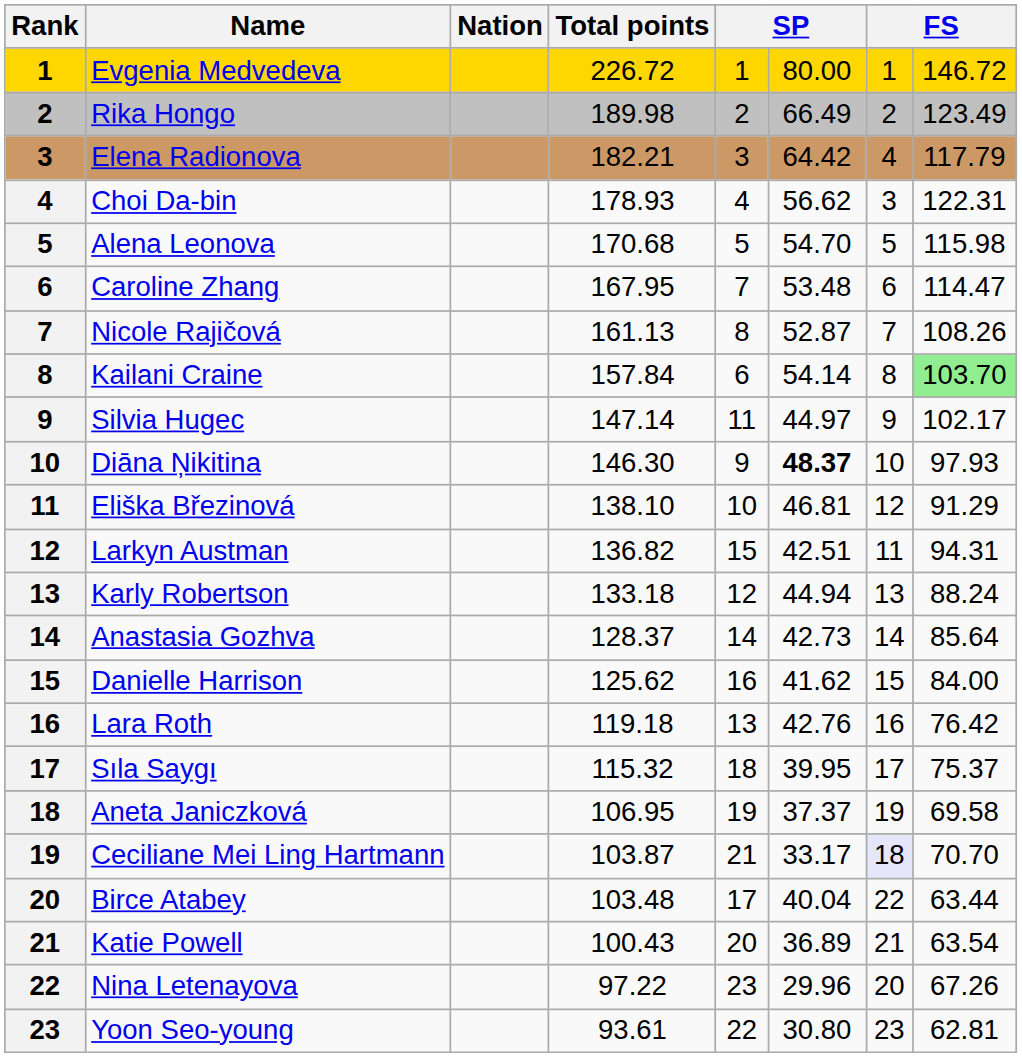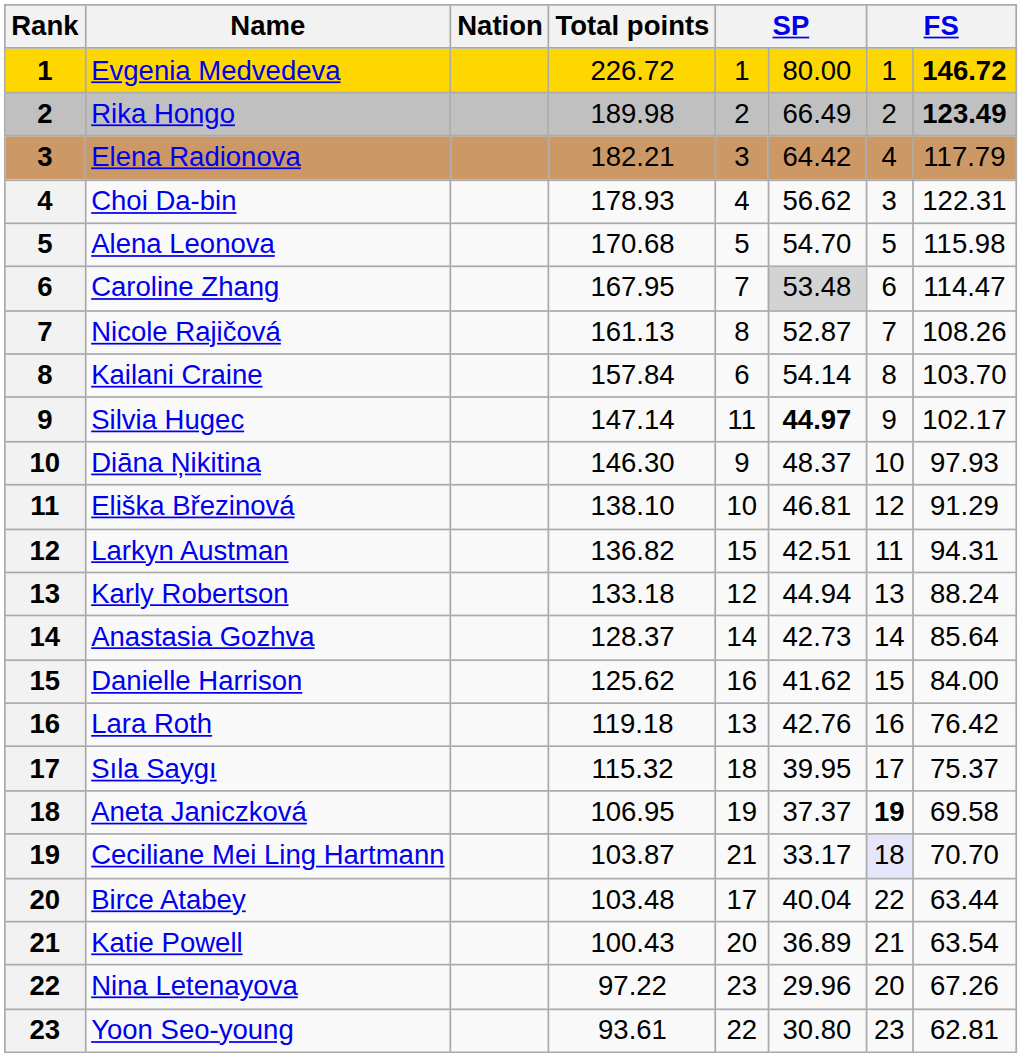 <table class="wikitable sortable">
 <tr>
 <th>Rank</th>
 <th>Name</th>
 <th>Nation</th>
 <th>Total points</th>
 <th colspan="2" width="80px"><a href='#'>SP</a></th>
 <th colspan="2" width="80px"><a href='#'>FS</a></th>
 </tr>
 <tr bgcolor="gold">
 <td align="center"><strong>1</strong></td>
 <td><a href='#'>Evgenia Medvedeva</a></td>
 <td></td>
 <td align="center">226.72</td>
 <td align="center">1</td>
 <td align="center">80.00</td>
 <td align="center">1</td>
-<td align="center">146.72</td>
+<td align="center"><strong>146.72</strong></td>
 </tr>
 <tr bgcolor="silver">
 <td align="center"><strong>2</strong></td>
 <td><a href='#'>Rika Hongo</a></td>
 <td></td>
 <td align="center">189.98</td>
 <td align="center">2</td>
 <td align="center">66.49</td>
 <td align="center">2</td>
-<td align="center">123.49</td>
+<td align="center"><strong>123.49</strong></td>
 </tr>
 <tr bgcolor="cc9966">
 <td align="center"><strong>3</strong></td>
 <td><a href='#'>Elena Radionova</a></td>
 <td></td>
 <td align="center">182.21</td>
 <td align="center">3</td>
 <td align="center">64.42</td>
 <td align="center">4</td>
 <td align="center">117.79</td>
 </tr>
 <tr>
 <th>4</th>
 <td><a href='#'>Choi Da-bin</a></td>
 <td></td>
 <td align="center">178.93</td>
 <td align="center">4</td>
 <td align="center">56.62</td>
 <td align="center">3</td>
 <td align="center">122.31</td>
 </tr>
 <tr>
 <th>5</th>
 <td><a href='#'>Alena Leonova</a></td>
 <td></td>
 <td align="center">170.68</td>
 <td align="center">5</td>
 <td align="center">54.70</td>
 <td align="center">5</td>
 <td align="center">115.98</td>
 </tr>
 <tr>
 <th>6</th>
 <td><a href='#'>Caroline Zhang</a></td>
 <td></td>
 <td align="center">167.95</td>
 <td align="center">7</td>
-<td align="center">53.48</td>
+<td align="center" style="background: lightgrey;">53.48</td>
 <td align="center">6</td>
 <td align="center">114.47</td>
 </tr>
 <tr>
 <th>7</th>
 <td><a href='#'>Nicole Rajičová</a></td>
 <td></td>
 <td align="center">161.13</td>
 <td align="center">8</td>
 <td align="center">52.87</td>
 <td align="center">7</td>
 <td align="center">108.26</td>
 </tr>
 <tr>
 <th>8</th>
 <td><a href='#'>Kailani Craine</a></td>
 <td></td>
 <td align="center">157.84</td>
 <td align="center">6</td>
 <td align="center">54.14</td>
 <td align="center">8</td>
-<td align="center" style="background: lightgreen;">103.70</td>
+<td align="center">103.70</td>
 </tr>
 <tr>
 <th>9</th>
 <td><a href='#'>Silvia Hugec</a></td>
 <td></td>
 <td align="center">147.14</td>
 <td align="center">11</td>
-<td align="center">44.97</td>
+<td align="center"><strong>44.97</strong></td>
 <td align="center">9</td>
 <td align="center">102.17</td>
 </tr>
 <tr>
 <th>10</th>
 <td><a href='#'>Diāna Ņikitina</a></td>
 <td></td>
 <td align="center">146.30</td>
 <td align="center">9</td>
-<td align="center"><strong>48.37</strong></td>
+<td align="center">48.37</td>
 <td align="center">10</td>
 <td align="center">97.93</td>
 </tr>
 <tr>
 <th>11</th>
 <td><a href='#'>Eliška Březinová</a></td>
 <td></td>
 <td align="center">138.10</td>
 <td align="center">10</td>
 <td align="center">46.81</td>
 <td align="center">12</td>
 <td align="center">91.29</td>
 </tr>
 <tr>
 <th>12</th>
 <td><a href='#'>Larkyn Austman</a></td>
 <td></td>
 <td align="center">136.82</td>
 <td align="center">15</td>
 <td align="center">42.51</td>
 <td align="center">11</td>
 <td align="center">94.31</td>
 </tr>
 <tr>
 <th>13</th>
 <td><a href='#'>Karly Robertson</a></td>
 <td></td>
 <td align="center">133.18</td>
 <td align="center">12</td>
 <td align="center">44.94</td>
 <td align="center">13</td>
 <td align="center">88.24</td>
 </tr>
 <tr>
 <th>14</th>
 <td><a href='#'>Anastasia Gozhva</a></td>
 <td></td>
 <td align="center">128.37</td>
 <td align="center">14</td>
 <td align="center">42.73</td>
 <td align="center">14</td>
 <td align="center">85.64</td>
 </tr>
 <tr>
 <th>15</th>
 <td><a href='#'>Danielle Harrison</a></td>
 <td></td>
 <td align="center">125.62</td>
 <td align="center">16</td>
 <td align="center">41.62</td>
 <td align="center">15</td>
 <td align="center">84.00</td>
 </tr>
 <tr>
 <th>16</th>
 <td><a href='#'>Lara Roth</a></td>
 <td></td>
 <td align="center">119.18</td>
 <td align="center">13</td>
 <td align="center">42.76</td>
 <td align="center">16</td>
 <td align="center">76.42</td>
 </tr>
 <tr>
 <th>17</th>
 <td><a href='#'>Sıla Saygı</a></td>
 <td></td>
 <td align="center">115.32</td>
 <td align="center">18</td>
 <td align="center">39.95</td>
 <td align="center">17</td>
 <td align="center">75.37</td>
 </tr>
 <tr>
 <th>18</th>
 <td><a href='#'>Aneta Janiczková</a></td>
 <td></td>
 <td align="center">106.95</td>
 <td align="center">19</td>
 <td align="center">37.37</td>
-<td align="center">19</td>
+<td align="center"><strong>19</strong></td>
 <td align="center">69.58</td>
 </tr>
 <tr>
 <th>19</th>
 <td><a href='#'>Ceciliane Mei Ling Hartmann</a></td>
 <td></td>
 <td align="center">103.87</td>
 <td align="center">21</td>
 <td align="center">33.17</td>
 <td align="center" style="background: lavender;">18</td>
 <td align="center">70.70</td>
 </tr>
 <tr>
 <th>20</th>
 <td><a href='#'>Birce Atabey</a></td>
 <td></td>
 <td align="center">103.48</td>
 <td align="center">17</td>
 <td align="center">40.04</td>
 <td align="center">22</td>
 <td align="center">63.44</td>
 </tr>
 <tr>
 <th>21</th>
 <td><a href='#'>Katie Powell</a></td>
 <td></td>
 <td align="center">100.43</td>
 <td align="center">20</td>
 <td align="center">36.89</td>
 <td align="center">21</td>
 <td align="center">63.54</td>
 </tr>
 <tr>
 <th>22</th>
 <td><a href='#'>Nina Letenayova</a></td>
 <td></td>
 <td align="center">97.22</td>
 <td align="center">23</td>
 <td align="center">29.96</td>
 <td align="center">20</td>
 <td align="center">67.26</td>
 </tr>
 <tr>
 <th>23</th>
 <td><a href='#'>Yoon Seo-young</a></td>
 <td></td>
 <td align="center">93.61</td>
 <td align="center">22</td>
 <td align="center">30.80</td>
 <td align="center">23</td>
 <td align="center">62.81</td>
 </tr>
 </table>
